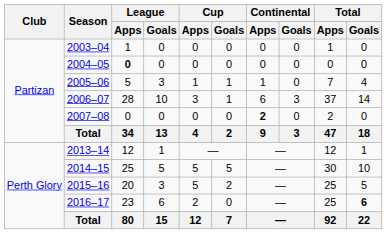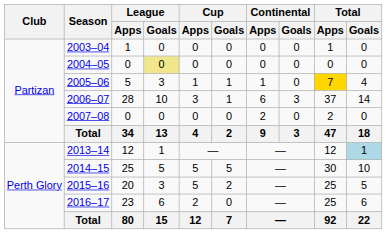 <table class="wikitable" style="text-align:center">
 <tr>
 <th rowspan="2">Club</th>
 <th rowspan="2">Season</th>
 <th colspan="2">League</th>
 <th colspan="2">Cup</th>
 <th colspan="2">Continental</th>
 <th colspan="2">Total</th>
 </tr>
 <tr>
 <th>Apps</th>
 <th>Goals</th>
 <th>Apps</th>
 <th>Goals</th>
 <th>Apps</th>
 <th>Goals</th>
 <th>Apps</th>
 <th>Goals</th>
 </tr>
 <tr>
 <td rowspan="6"><a href='#'>Partizan</a></td>
 <td><a href='#'>2003–04</a></td>
 <td>1</td>
 <td>0</td>
 <td>0</td>
 <td>0</td>
 <td>0</td>
 <td>0</td>
 <td>1</td>
 <td>0</td>
 </tr>
 <tr>
 <td><a href='#'>2004–05</a></td>
-<td><strong>0</strong></td>
 <td>0</td>
+<td style="background: khaki;">0</td>
 <td>0</td>
 <td>0</td>
 <td>0</td>
 <td>0</td>
 <td>0</td>
 <td>0</td>
 </tr>
 <tr>
 <td><a href='#'>2005–06</a></td>
 <td>5</td>
 <td>3</td>
 <td>1</td>
 <td>1</td>
 <td>1</td>
 <td>0</td>
-<td>7</td>
+<td style="background: gold;">7</td>
 <td>4</td>
 </tr>
 <tr>
 <td><a href='#'>2006–07</a></td>
 <td>28</td>
 <td>10</td>
 <td>3</td>
 <td>1</td>
 <td>6</td>
 <td>3</td>
 <td>37</td>
 <td>14</td>
 </tr>
 <tr>
 <td><a href='#'>2007–08</a></td>
 <td>0</td>
 <td>0</td>
 <td>0</td>
 <td>0</td>
-<td><strong>2</strong></td>
+<td>2</td>
 <td>0</td>
 <td>2</td>
 <td>0</td>
 </tr>
 <tr>
 <th>Total</th>
 <th>34</th>
 <th>13</th>
 <th>4</th>
 <th>2</th>
 <th>9</th>
 <th>3</th>
 <th>47</th>
 <th>18</th>
 </tr>
 <tr>
 <td rowspan="5"><a href='#'>Perth Glory</a></td>
 <td><a href='#'>2013–14</a></td>
 <td>12</td>
 <td>1</td>
 <td colspan="2">—</td>
 <td colspan="2">—</td>
 <td>12</td>
-<td>1</td>
+<td style="background: lightblue;">1</td>
 </tr>
 <tr>
 <td><a href='#'>2014–15</a></td>
 <td>25</td>
 <td>5</td>
 <td>5</td>
 <td>5</td>
 <td colspan="2">—</td>
 <td>30</td>
 <td>10</td>
 </tr>
 <tr>
 <td><a href='#'>2015–16</a></td>
 <td>20</td>
 <td>3</td>
 <td>5</td>
 <td>2</td>
 <td colspan="2">—</td>
 <td>25</td>
 <td>5</td>
 </tr>
 <tr>
 <td><a href='#'>2016–17</a></td>
 <td>23</td>
 <td>6</td>
 <td>2</td>
 <td>0</td>
 <td colspan="2">—</td>
 <td>25</td>
-<td><strong>6</strong></td>
+<td>6</td>
 </tr>
 <tr>
 <th>Total</th>
 <th>80</th>
 <th>15</th>
 <th>12</th>
 <th>7</th>
 <th colspan="2">—</th>
 <th>92</th>
 <th>22</th>
 </tr>
 </table>
